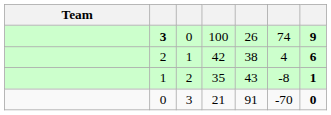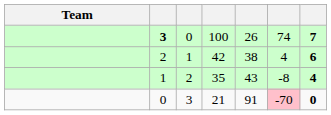 <table class="wikitable" style="text-align:center;">
 <tr>
 <th style="width:10.5em;">Team</th>
 <th style="width:1.5em;"></th>
 <th style="width:1.5em;"></th>
 <th style="width:2.0em;"></th>
 <th style="width:2.0em;"></th>
 <th style="width:2.0em;"></th>
 <th style="width:1.5em;"></th>
 </tr>
 <tr bgcolor=#cfc>
 <td align="left"></td>
 <td><strong>3</strong></td>
 <td>0</td>
 <td>100</td>
 <td>26</td>
 <td>74</td>
-<td><strong>9</strong></td>
+<td><strong>7</strong></td>
 </tr>
 <tr bgcolor=#cfc>
 <td align="left"></td>
 <td>2</td>
 <td>1</td>
 <td>42</td>
 <td>38</td>
 <td>4</td>
 <td><strong>6</strong></td>
 </tr>
 <tr bgcolor=#cfc>
 <td align="left"></td>
 <td>1</td>
 <td>2</td>
 <td>35</td>
 <td>43</td>
 <td>-8</td>
-<td><strong>1</strong></td>
+<td><strong>4</strong></td>
 </tr>
 <tr>
 <td align="left"></td>
 <td>0</td>
 <td>3</td>
 <td>21</td>
 <td>91</td>
-<td>-70</td>
+<td style="background: pink;">-70</td>
 <td><strong>0</strong></td>
 </tr>
 </table>
